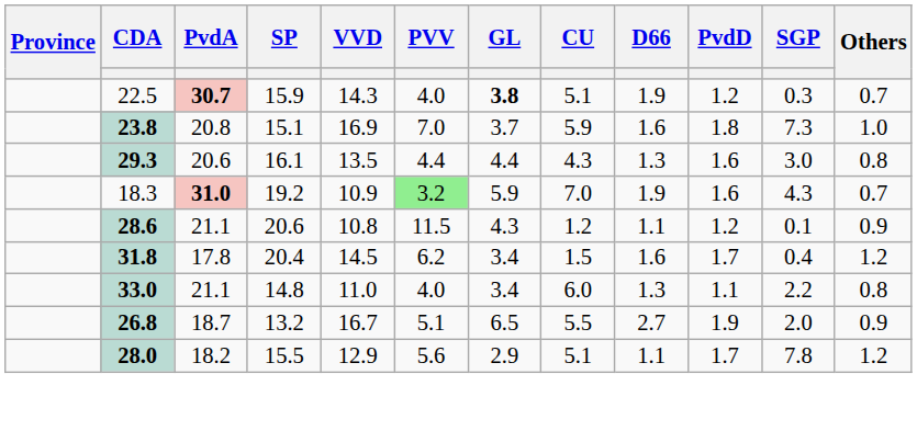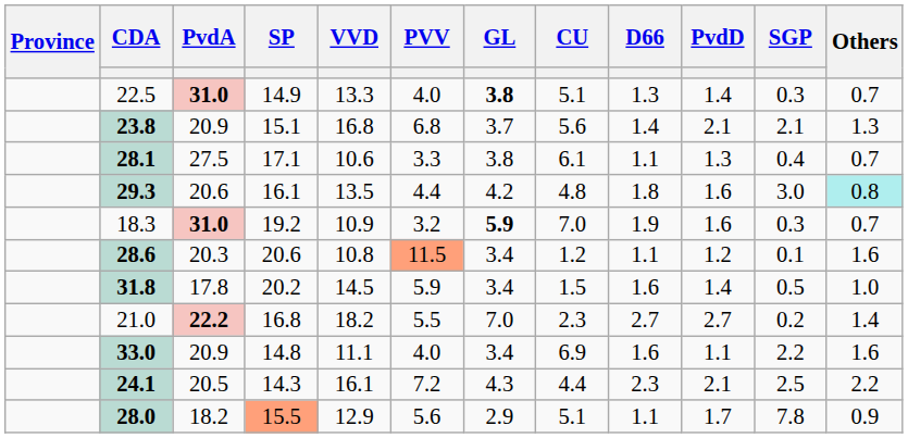 <table class="wikitable sortable" style="text-align:center;font-size:90%;line-height:14px">
 <tr style="height:40px;">
 <th rowspan="2"><a href='#'>Province</a></th>
 <th style="width:40px;"><a href='#'>CDA</a></th>
 <th style="width:40px;"><a href='#'>PvdA</a></th>
 <th style="width:40px;"><a href='#'>SP</a></th>
 <th style="width:40px;"><a href='#'>VVD</a></th>
 <th style="width:40px;"><a href='#'>PVV</a></th>
 <th style="width:40px;"><a href='#'>GL</a></th>
 <th style="width:40px;"><a href='#'>CU</a></th>
 <th style="width:40px;"><a href='#'>D66</a></th>
 <th style="width:40px;"><a href='#'>PvdD</a></th>
 <th style="width:40px;"><a href='#'>SGP</a></th>
 <th style="width:40px;" rowspan="2">Others</th>
 </tr>
 <tr>
 <th style="background:"></th>
 <th style="background:"></th>
 <th style="background:"></th>
 <th style="background:"></th>
 <th style="background:"></th>
 <th style="background:"></th>
 <th style="background:"></th>
 <th style="background:"></th>
 <th style="background:"></th>
 <th style="background:"></th>
 </tr>
 <tr>
 <td align="left"></td>
 <td>22.5</td>
-<td style="background:#F6C5C1;"><strong>30.7</strong></td>
-<td>15.9</td>
-<td>14.3</td>
+<td style="background:#F6C5C1;"><strong>31.0</strong></td>
+<td>14.9</td>
+<td>13.3</td>
 <td>4.0</td>
 <td><strong>3.8</strong></td>
 <td>5.1</td>
-<td>1.9</td>
-<td>1.2</td>
+<td>1.3</td>
+<td>1.4</td>
 <td>0.3</td>
 <td>0.7</td>
 </tr>
 <tr>
 <td align="left"></td>
 <td style="background:#BADBD3;"><strong>23.8</strong></td>
-<td>20.8</td>
+<td>20.9</td>
 <td>15.1</td>
-<td>16.9</td>
-<td>7.0</td>
+<td>16.8</td>
+<td>6.8</td>
 <td>3.7</td>
-<td>5.9</td>
-<td>1.6</td>
-<td>1.8</td>
-<td>7.3</td>
-<td>1.0</td>
+<td>5.6</td>
+<td>1.4</td>
+<td>2.1</td>
+<td>2.1</td>
+<td>1.3</td>
+</tr>
+<tr>
+<td align="left"></td>
+<td style="background:#BADBD3;"><strong>28.1</strong></td>
+<td>27.5</td>
+<td>17.1</td>
+<td>10.6</td>
+<td>3.3</td>
+<td>3.8</td>
+<td>6.1</td>
+<td>1.1</td>
+<td>1.3</td>
+<td>0.4</td>
+<td>0.7</td>
 </tr>
 <tr>
 <td align="left"></td>
 <td style="background:#BADBD3;"><strong>29.3</strong></td>
 <td>20.6</td>
 <td>16.1</td>
 <td>13.5</td>
 <td>4.4</td>
-<td>4.4</td>
-<td>4.3</td>
-<td>1.3</td>
+<td>4.2</td>
+<td>4.8</td>
+<td>1.8</td>
 <td>1.6</td>
 <td>3.0</td>
-<td>0.8</td>
+<td style="background: paleturquoise;">0.8</td>
 </tr>
 <tr>
 <td align="left"></td>
 <td>18.3</td>
 <td style="background:#F6C5C1;"><strong>31.0</strong></td>
 <td>19.2</td>
 <td>10.9</td>
-<td style="background: lightgreen;">3.2</td>
-<td>5.9</td>
+<td>3.2</td>
+<td><strong>5.9</strong></td>
 <td>7.0</td>
 <td>1.9</td>
 <td>1.6</td>
-<td>4.3</td>
+<td>0.3</td>
 <td>0.7</td>
 </tr>
 <tr>
 <td align="left"></td>
 <td style="background:#BADBD3;"><strong>28.6</strong></td>
-<td>21.1</td>
+<td>20.3</td>
 <td>20.6</td>
 <td>10.8</td>
-<td>11.5</td>
-<td>4.3</td>
+<td style="background: lightsalmon;">11.5</td>
+<td>3.4</td>
 <td>1.2</td>
 <td>1.1</td>
 <td>1.2</td>
 <td>0.1</td>
-<td>0.9</td>
+<td>1.6</td>
 </tr>
 <tr>
 <td align="left"></td>
 <td style="background:#BADBD3;"><strong>31.8</strong></td>
 <td>17.8</td>
-<td>20.4</td>
+<td>20.2</td>
 <td>14.5</td>
-<td>6.2</td>
+<td>5.9</td>
 <td>3.4</td>
 <td>1.5</td>
 <td>1.6</td>
-<td>1.7</td>
-<td>0.4</td>
-<td>1.2</td>
+<td>1.4</td>
+<td>0.5</td>
+<td>1.0</td>
+</tr>
+<tr>
+<td align="left"></td>
+<td>21.0</td>
+<td style="background:#F6C5C1;"><strong>22.2</strong></td>
+<td>16.8</td>
+<td>18.2</td>
+<td>5.5</td>
+<td>7.0</td>
+<td>2.3</td>
+<td>2.7</td>
+<td>2.7</td>
+<td>0.2</td>
+<td>1.4</td>
 </tr>
 <tr>
 <td align="left"></td>
 <td style="background:#BADBD3;"><strong>33.0</strong></td>
-<td>21.1</td>
+<td>20.9</td>
 <td>14.8</td>
-<td>11.0</td>
+<td>11.1</td>
 <td>4.0</td>
 <td>3.4</td>
-<td>6.0</td>
-<td>1.3</td>
+<td>6.9</td>
+<td>1.6</td>
 <td>1.1</td>
 <td>2.2</td>
-<td>0.8</td>
+<td>1.6</td>
 </tr>
 <tr>
 <td align="left"></td>
-<td style="background:#BADBD3;"><strong>26.8</strong></td>
-<td>18.7</td>
-<td>13.2</td>
-<td>16.7</td>
-<td>5.1</td>
-<td>6.5</td>
-<td>5.5</td>
-<td>2.7</td>
-<td>1.9</td>
-<td>2.0</td>
-<td>0.9</td>
+<td style="background:#BADBD3;"><strong>24.1</strong></td>
+<td>20.5</td>
+<td>14.3</td>
+<td>16.1</td>
+<td>7.2</td>
+<td>4.3</td>
+<td>4.4</td>
+<td>2.3</td>
+<td>2.1</td>
+<td>2.5</td>
+<td>2.2</td>
 </tr>
 <tr>
 <td align="left"></td>
 <td style="background:#BADBD3;"><strong>28.0</strong></td>
 <td>18.2</td>
-<td>15.5</td>
+<td style="background: lightsalmon;">15.5</td>
 <td>12.9</td>
 <td>5.6</td>
 <td>2.9</td>
 <td>5.1</td>
 <td>1.1</td>
 <td>1.7</td>
 <td>7.8</td>
-<td>1.2</td>
+<td>0.9</td>
 </tr>
 </table>
